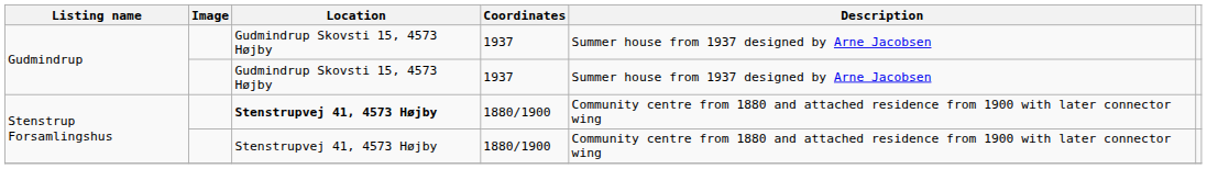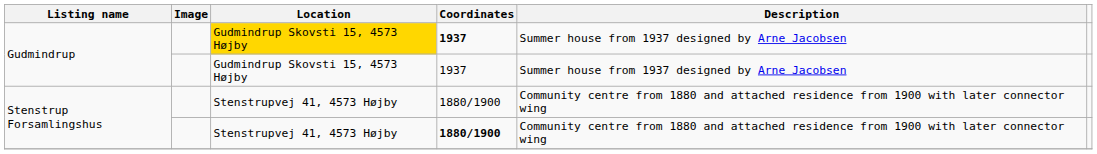 <table class="wikitable sortable">
 <tr>
 <th>Listing name</th>
 <th>Image</th>
 <th>Location</th>
 <th>Coordinates</th>
 <th>Description</th>
 </tr>
 <tr>
 <td rowspan="2">Gudmindrup</td>
 <td></td>
-<td>Gudmindrup Skovsti 15, 4573 Højby</td>
-<td>1937</td>
+<td style="background: gold;">Gudmindrup Skovsti 15, 4573 Højby</td>
+<td><strong>1937</strong></td>
 <td>Summer house from 1937 designed by <a href='#'>Arne Jacobsen</a></td>
 <td></td>
 </tr>
 <tr>
 <td></td>
 <td>Gudmindrup Skovsti 15, 4573 Højby</td>
 <td>1937</td>
 <td>Summer house from 1937 designed by <a href='#'>Arne Jacobsen</a></td>
 <td></td>
 </tr>
 <tr>
 <td rowspan="2">Stenstrup Forsamlingshus</td>
 <td></td>
-<td><strong>Stenstrupvej 41, 4573 Højby</strong></td>
+<td>Stenstrupvej 41, 4573 Højby</td>
 <td>1880/1900</td>
 <td>Community centre from 1880 and attached residence from 1900 with later connector wing</td>
 <td></td>
 </tr>
 <tr>
 <td></td>
 <td>Stenstrupvej 41, 4573 Højby</td>
-<td>1880/1900</td>
+<td><strong>1880/1900</strong></td>
 <td>Community centre from 1880 and attached residence from 1900 with later connector wing</td>
 <td></td>
 </tr>
 <tr>
 </tr>
 </table>
